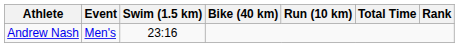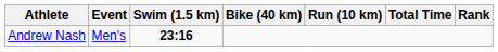 <table class="wikitable" style="font-size:90%">
 <tr>
 <th>Athlete</th>
 <th>Event</th>
 <th>Swim (1.5 km)</th>
 <th>Bike (40 km)</th>
 <th>Run (10 km)</th>
 <th>Total Time</th>
 <th>Rank</th>
 </tr>
 <tr align=center>
 <td align=left><a href='#'>Andrew Nash</a></td>
 <td align=left rowspan=3><a href='#'>Men's</a></td>
-<td>23:16</td>
+<td><strong>23:16</strong></td>
 <td colspan=4></td>
 </tr>
 </table>
